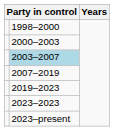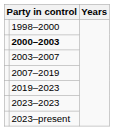 <table class="wikitable">
 <tr>
 <th colspan="2">Party in control</th>
 <th>Years</th>
 </tr>
 <tr>
 <td></td>
 <td>1998–2000</td>
 </tr>
 <tr>
 <td></td>
-<td>2000–2003</td>
+<td><strong>2000–2003</strong></td>
 </tr>
 <tr>
 <td></td>
-<td style="background: lightblue;">2003–2007</td>
+<td>2003–2007</td>
 </tr>
 <tr>
 <td></td>
 <td>2007–2019</td>
 </tr>
 <tr>
 <td></td>
 <td>2019–2023</td>
 </tr>
 <tr>
 <td></td>
 <td>2023–2023</td>
 </tr>
 <tr>
 <td></td>
 <td>2023–present</td>
 </tr>
 </table>
